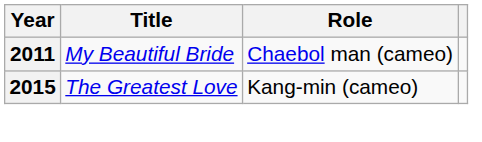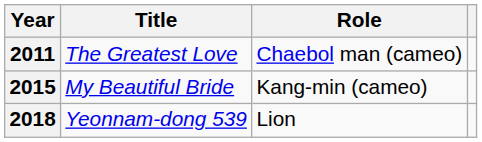 <table class="wikitable sortable plainrowheaders">
 <tr>
 <th scope="col">Year</th>
 <th scope="col">Title</th>
 <th scope="col">Role</th>
 <th class="unsortable" scope="col"></th>
 </tr>
 <tr>
 <th scope="row">2011</th>
-<td><em><a href='#'>My Beautiful Bride</a></em></td>
+<td><em><a href='#'>The Greatest Love</a></em></td>
 <td><a href='#'>Chaebol</a> man (cameo)</td>
 <td></td>
 </tr>
 <tr>
 <th scope="row">2015</th>
-<td><em><a href='#'>The Greatest Love</a></em></td>
+<td><em><a href='#'>My Beautiful Bride</a></em></td>
 <td>Kang-min (cameo)</td>
 <td></td>
 </tr>
+<tr>
+<th scope="row">2018</th>
+<td><em><a href='#'>Yeonnam-dong 539</a></em></td>
+<td>Lion</td>
+<td></td>
+</tr>
 </table>
